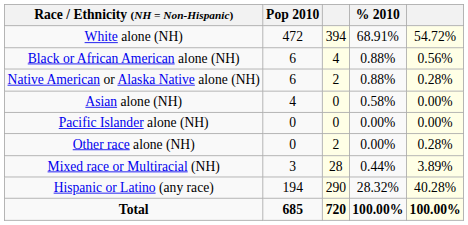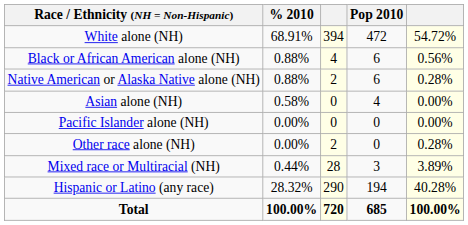 <table class="wikitable" style="text-align:center;">
 <tr>
 <th>Race / Ethnicity <small>(<em>NH = Non-Hispanic</em>)</small></th>
+<th>% 2010</th>
+<th></th>
 <th>Pop 2010</th>
-<th></th>
-<th>% 2010</th>
 <th></th>
 </tr>
 <tr>
 <td><a href='#'>White</a> alone (NH)</td>
+<td>68.91%</td>
+<td style='background: #ffffe6;'>394</td>
 <td>472</td>
-<td style='background: #ffffe6;'>394</td>
-<td>68.91%</td>
 <td style='background: #ffffe6;'>54.72%</td>
 </tr>
 <tr>
 <td><a href='#'>Black or African American</a> alone (NH)</td>
+<td>0.88%</td>
+<td style='background: #ffffe6;'>4</td>
 <td>6</td>
-<td style='background: #ffffe6;'>4</td>
-<td>0.88%</td>
 <td style='background: #ffffe6;'>0.56%</td>
 </tr>
 <tr>
 <td><a href='#'>Native American</a> or <a href='#'>Alaska Native</a> alone (NH)</td>
+<td>0.88%</td>
+<td style='background: #ffffe6;'>2</td>
 <td>6</td>
-<td style='background: #ffffe6;'>2</td>
-<td>0.88%</td>
 <td style='background: #ffffe6;'>0.28%</td>
 </tr>
 <tr>
 <td><a href='#'>Asian</a> alone (NH)</td>
+<td>0.58%</td>
+<td style='background: #ffffe6;'>0</td>
 <td>4</td>
-<td style='background: #ffffe6;'>0</td>
-<td>0.58%</td>
 <td style='background: #ffffe6;'>0.00%</td>
 </tr>
 <tr>
 <td><a href='#'>Pacific Islander</a> alone (NH)</td>
+<td>0.00%</td>
+<td style='background: #ffffe6;'>0</td>
 <td>0</td>
-<td style='background: #ffffe6;'>0</td>
-<td>0.00%</td>
 <td style='background: #ffffe6;'>0.00%</td>
 </tr>
 <tr>
 <td><a href='#'>Other race</a> alone (NH)</td>
+<td>0.00%</td>
+<td style='background: #ffffe6;'>2</td>
 <td>0</td>
-<td style='background: #ffffe6;'>2</td>
-<td>0.00%</td>
 <td style='background: #ffffe6;'>0.28%</td>
 </tr>
 <tr>
 <td><a href='#'>Mixed race or Multiracial</a> (NH)</td>
+<td>0.44%</td>
+<td style='background: #ffffe6;'>28</td>
 <td>3</td>
-<td style='background: #ffffe6;'>28</td>
-<td>0.44%</td>
 <td style='background: #ffffe6;'>3.89%</td>
 </tr>
 <tr>
 <td><a href='#'>Hispanic or Latino</a> (any race)</td>
+<td>28.32%</td>
+<td style='background: #ffffe6;'>290</td>
 <td>194</td>
-<td style='background: #ffffe6;'>290</td>
-<td>28.32%</td>
 <td style='background: #ffffe6;'>40.28%</td>
 </tr>
 <tr>
 <td><strong>Total</strong></td>
+<td><strong>100.00%</strong></td>
+<td style='background: #ffffe6;'><strong>720</strong></td>
 <td><strong>685</strong></td>
-<td style='background: #ffffe6;'><strong>720</strong></td>
-<td><strong>100.00%</strong></td>
 <td style='background: #ffffe6;'><strong>100.00%</strong></td>
 </tr>
 </table>
